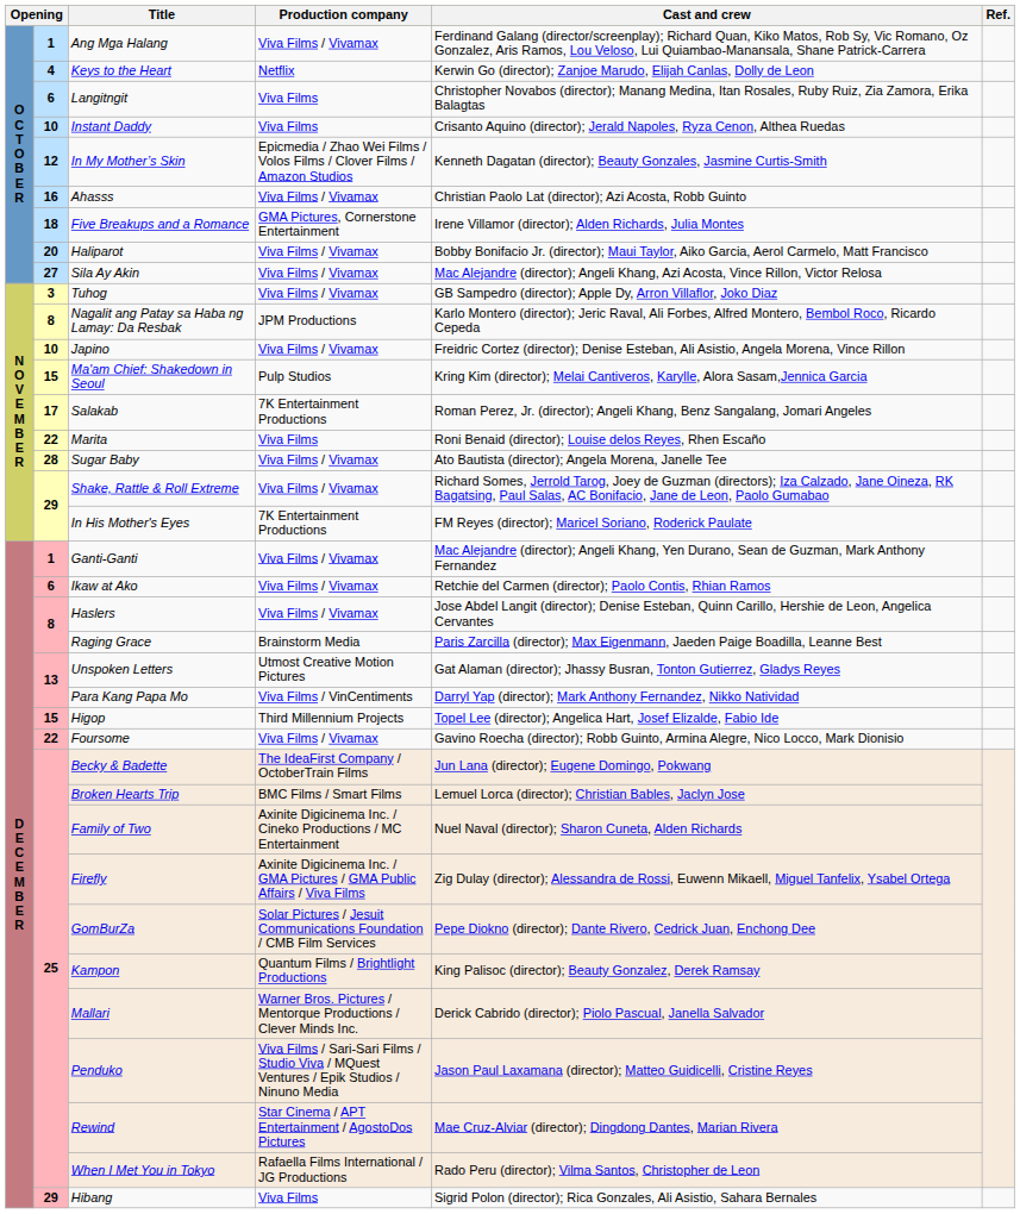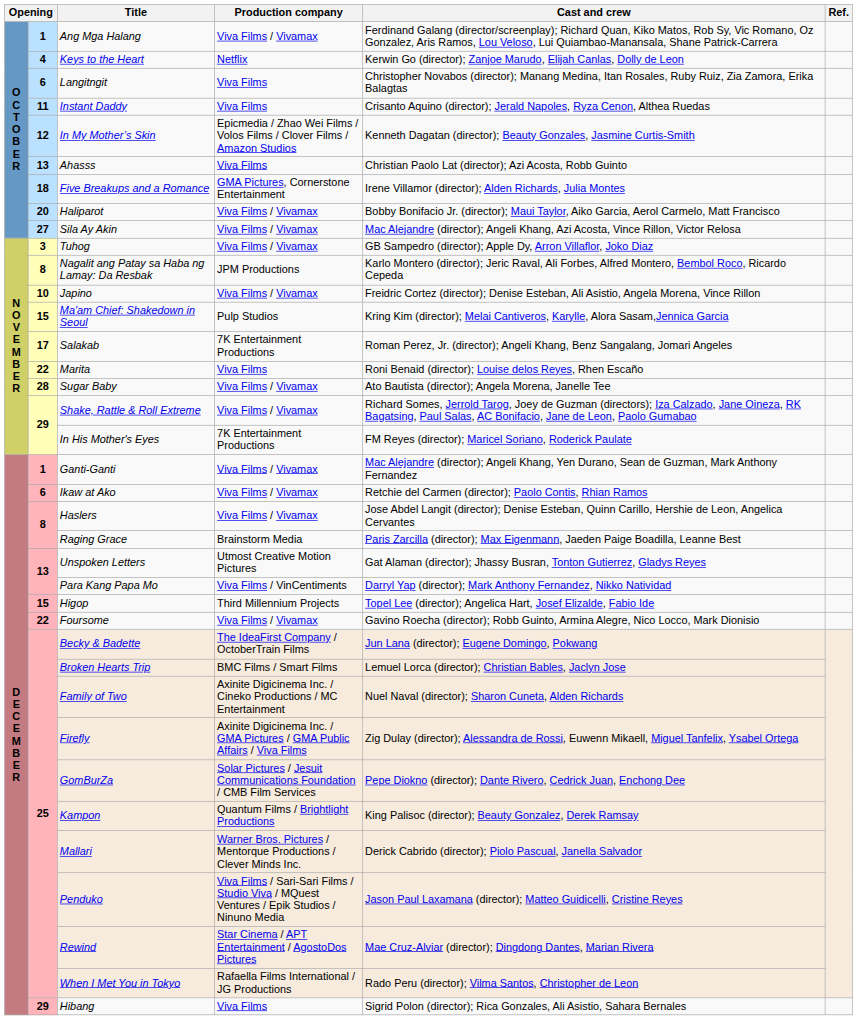 <table class="wikitable sortable">
 <tr style="background:#ffffba; text-align:center;">
 <th colspan="2" style="width:05%">Opening</th>
 <th style="width:17%">Title</th>
 <th style="width:16%">Production company</th>
 <th style="width:50%">Cast and crew</th>
 <th style="width:02%">Ref.</th>
 </tr>
 <tr>
 <th rowspan="9" style="text-align:center; background:#6698c6">O<br>C<br>T<br>O<br>B<br>E<br>R</th>
 <td style="text-align:center; background:#bae1ff"><strong>1</strong></td>
 <td><em>Ang Mga Halang</em></td>
 <td><a href='#'>Viva Films</a> / <a href='#'>Vivamax</a></td>
 <td>Ferdinand Galang (director/screenplay); Richard Quan, Kiko Matos, Rob Sy, Vic Romano, Oz Gonzalez, Aris Ramos, <a href='#'>Lou Veloso</a>, Lui Quiambao-Manansala, Shane Patrick-Carrera</td>
 <td></td>
 </tr>
 <tr>
 <td style="text-align:center; background:#bae1ff"><strong>4</strong></td>
 <td><em><a href='#'>Keys to the Heart</a></em></td>
 <td><a href='#'>Netflix</a></td>
 <td>Kerwin Go (director); <a href='#'>Zanjoe Marudo</a>, <a href='#'>Elijah Canlas</a>, <a href='#'>Dolly de Leon</a></td>
 <td></td>
 </tr>
 <tr>
 <td style="text-align:center; background:#bae1ff"><strong>6</strong></td>
 <td><em>Langitngit</em></td>
 <td><a href='#'>Viva Films</a></td>
 <td>Christopher Novabos (director); Manang Medina, Itan Rosales, Ruby Ruiz, Zia Zamora, Erika Balagtas</td>
 <td></td>
 </tr>
 <tr>
-<td style="text-align:center; background:#bae1ff"><strong>10</strong></td>
+<td style="text-align:center; background:#bae1ff"><strong>11</strong></td>
 <td><em><a href='#'>Instant Daddy</a></em></td>
 <td><a href='#'>Viva Films</a></td>
 <td>Crisanto Aquino (director); <a href='#'>Jerald Napoles</a>, <a href='#'>Ryza Cenon</a>, Althea Ruedas</td>
 <td></td>
 </tr>
 <tr>
 <td style="text-align:center; background:#bae1ff"><strong>12</strong></td>
 <td><em><a href='#'>In My Mother’s Skin</a></em></td>
 <td>Epicmedia / Zhao Wei Films / Volos Films / Clover Films / <a href='#'>Amazon Studios</a></td>
 <td>Kenneth Dagatan (director); <a href='#'>Beauty Gonzales</a>, <a href='#'>Jasmine Curtis-Smith</a></td>
 <td></td>
 </tr>
 <tr>
-<td style="text-align:center; background:#bae1ff"><strong>16</strong></td>
+<td style="text-align:center; background:#bae1ff"><strong>13</strong></td>
 <td><em>Ahasss</em></td>
-<td><a href='#'>Viva Films</a> / <a href='#'>Vivamax</a></td>
+<td><a href='#'>Viva Films</a></td>
 <td>Christian Paolo Lat (director); Azi Acosta, Robb Guinto</td>
 <td></td>
 </tr>
 <tr>
 <td style="text-align:center; background:#bae1ff"><strong>18</strong></td>
 <td><em><a href='#'>Five Breakups and a Romance</a></em></td>
 <td><a href='#'>GMA Pictures</a>, Cornerstone Entertainment</td>
 <td>Irene Villamor (director); <a href='#'>Alden Richards</a>, <a href='#'>Julia Montes</a></td>
 <td></td>
 </tr>
 <tr>
 <td style="text-align:center; background:#bae1ff"><strong>20</strong></td>
 <td><em>Haliparot</em></td>
 <td><a href='#'>Viva Films</a> / <a href='#'>Vivamax</a></td>
 <td>Bobby Bonifacio Jr. (director); <a href='#'>Maui Taylor</a>, Aiko Garcia, Aerol Carmelo, Matt Francisco</td>
 <td></td>
 </tr>
 <tr>
 <td style="text-align:center; background:#bae1ff"><strong>27</strong></td>
 <td><em>Sila Ay Akin</em></td>
 <td><a href='#'>Viva Films</a> / <a href='#'>Vivamax</a></td>
 <td><a href='#'>Mac Alejandre</a> (director); Angeli Khang, Azi Acosta, Vince Rillon, Victor Relosa</td>
 <td></td>
 </tr>
 <tr>
 <th rowspan="9" style="text-align:center; background:#d0d069 ">N<br>O<br>V<br>E<br>M<br>B<br>E<br>R</th>
 <td style="text-align:center; background:#ffffba"><strong>3</strong></td>
 <td><em>Tuhog</em></td>
 <td><a href='#'>Viva Films</a> / <a href='#'>Vivamax</a></td>
 <td>GB Sampedro (director); Apple Dy, <a href='#'>Arron Villaflor</a>, <a href='#'>Joko Diaz</a></td>
 <td></td>
 </tr>
 <tr>
 <td style="text-align:center; background:#ffffba"><strong>8</strong></td>
 <td><em>Nagalit ang Patay sa Haba ng Lamay: Da Resbak</em></td>
 <td>JPM Productions</td>
 <td>Karlo Montero (director); Jeric Raval, Ali Forbes, Alfred Montero, <a href='#'>Bembol Roco</a>, Ricardo Cepeda</td>
 <td></td>
 </tr>
 <tr>
 <td style="text-align:center; background:#ffffba"><strong>10</strong></td>
 <td><em>Japino</em></td>
 <td><a href='#'>Viva Films</a> / <a href='#'>Vivamax</a></td>
 <td>Freidric Cortez (director); Denise Esteban, Ali Asistio, Angela Morena, Vince Rillon</td>
 <td></td>
 </tr>
 <tr>
 <td style="text-align:center; background:#ffffba"><strong>15</strong></td>
 <td><em><a href='#'>Ma'am Chief: Shakedown in Seoul</a></em></td>
 <td>Pulp Studios</td>
 <td>Kring Kim (director); <a href='#'>Melai Cantiveros</a>, <a href='#'>Karylle</a>, Alora Sasam,<a href='#'>Jennica Garcia</a></td>
 <td></td>
 </tr>
 <tr>
 <td style="text-align:center; background:#ffffba"><strong>17</strong></td>
 <td><em>Salakab</em></td>
 <td>7K Entertainment Productions</td>
 <td>Roman Perez, Jr. (director); Angeli Khang, Benz Sangalang, Jomari Angeles</td>
 <td></td>
 </tr>
 <tr>
 <td style="text-align:center; background:#ffffba"><strong>22</strong></td>
 <td><em>Marita</em></td>
 <td><a href='#'>Viva Films</a></td>
 <td>Roni Benaid (director); <a href='#'>Louise delos Reyes</a>, Rhen Escaño</td>
 <td></td>
 </tr>
 <tr>
 <td style="text-align:center; background:#ffffba"><strong>28</strong></td>
 <td><em>Sugar Baby</em></td>
 <td><a href='#'>Viva Films</a> / <a href='#'>Vivamax</a></td>
 <td>Ato Bautista (director); Angela Morena, Janelle Tee</td>
 <td></td>
 </tr>
 <tr>
 <td rowspan="2" style="text-align:center; background:#ffffba"><strong>29</strong></td>
 <td><em><a href='#'>Shake, Rattle & Roll Extreme</a></em></td>
 <td><a href='#'>Viva Films</a> / <a href='#'>Vivamax</a></td>
 <td>Richard Somes, <a href='#'>Jerrold Tarog</a>, Joey de Guzman (directors); <a href='#'>Iza Calzado</a>, <a href='#'>Jane Oineza</a>, <a href='#'>RK Bagatsing</a>, <a href='#'>Paul Salas</a>, <a href='#'>AC Bonifacio</a>, <a href='#'>Jane de Leon</a>, <a href='#'>Paolo Gumabao</a></td>
 <td></td>
 </tr>
 <tr>
 <td><em>In His Mother's Eyes</em></td>
 <td>7K Entertainment Productions</td>
 <td>FM Reyes (director); <a href='#'>Maricel Soriano</a>, <a href='#'>Roderick Paulate</a></td>
 <td></td>
 </tr>
 <tr>
 <th rowspan="19" style="text-align:center; background:#c47a81">D<br>E<br>C<br>E<br>M<br>B<br>E<br>R</th>
 <td style="text-align:center; background:#ffb3ba"><strong>1</strong></td>
 <td><em>Ganti-Ganti</em></td>
 <td><a href='#'>Viva Films</a> / <a href='#'>Vivamax</a></td>
 <td><a href='#'>Mac Alejandre</a> (director); Angeli Khang, Yen Durano, Sean de Guzman, Mark Anthony Fernandez</td>
 <td></td>
 </tr>
 <tr>
 <td style="text-align:center; background:#ffb3ba"><strong>6</strong></td>
 <td><em>Ikaw at Ako</em></td>
 <td><a href='#'>Viva Films</a> / <a href='#'>Vivamax</a></td>
 <td>Retchie del Carmen (director); <a href='#'>Paolo Contis</a>, <a href='#'>Rhian Ramos</a></td>
 <td></td>
 </tr>
 <tr>
 <td rowspan="2" style="text-align:center; background:#ffb3ba"><strong>8</strong></td>
 <td><em>Haslers</em></td>
 <td><a href='#'>Viva Films</a> / <a href='#'>Vivamax</a></td>
 <td>Jose Abdel Langit (director); Denise Esteban, Quinn Carillo, Hershie de Leon, Angelica Cervantes</td>
 <td></td>
 </tr>
 <tr>
 <td><em>Raging Grace</em></td>
 <td>Brainstorm Media</td>
 <td><a href='#'>Paris Zarcilla</a> (director); <a href='#'>Max Eigenmann</a>, Jaeden Paige Boadilla, Leanne Best</td>
 <td></td>
 </tr>
 <tr>
 <td rowspan="2" style="text-align:center; background:#ffb3ba"><strong>13</strong></td>
 <td><em>Unspoken Letters</em></td>
 <td>Utmost Creative Motion Pictures</td>
 <td>Gat Alaman (director); Jhassy Busran, <a href='#'>Tonton Gutierrez</a>, <a href='#'>Gladys Reyes</a></td>
 <td></td>
 </tr>
 <tr>
 <td><em>Para Kang Papa Mo</em></td>
 <td><a href='#'>Viva Films</a> / VinCentiments</td>
 <td><a href='#'>Darryl Yap</a> (director); <a href='#'>Mark Anthony Fernandez</a>, <a href='#'>Nikko Natividad</a></td>
 <td></td>
 </tr>
 <tr>
 <td style="text-align:center; background:#ffb3ba"><strong>15</strong></td>
 <td><em>Higop</em></td>
 <td>Third Millennium Projects</td>
 <td><a href='#'>Topel Lee</a> (director); Angelica Hart, <a href='#'>Josef Elizalde</a>, <a href='#'>Fabio Ide</a></td>
 <td></td>
 </tr>
 <tr>
 <td style="text-align:center; background:#ffb3ba"><strong>22</strong></td>
 <td><em>Foursome</em></td>
 <td><a href='#'>Viva Films</a> / <a href='#'>Vivamax</a></td>
 <td>Gavino Roecha (director); Robb Guinto, Armina Alegre, Nico Locco, Mark Dionisio</td>
 <td></td>
 </tr>
 <tr>
 <td rowspan="10" style="text-align:center; background:#ffb3ba"><strong>25</strong></td>
 <td style="background:#f7ebdd"><em><a href='#'>Becky & Badette</a></em></td>
 <td style="background:#f7ebdd"><a href='#'>The IdeaFirst Company</a> / OctoberTrain Films</td>
 <td style="background:#f7ebdd"><a href='#'>Jun Lana</a> (director); <a href='#'>Eugene Domingo</a>, <a href='#'>Pokwang</a></td>
 <td rowspan="10" style="background:#f7ebdd"></td>
 </tr>
 <tr>
 <td style="background:#f7ebdd"><em><a href='#'>Broken Hearts Trip</a></em></td>
 <td style="background:#f7ebdd">BMC Films / Smart Films</td>
 <td style="background:#f7ebdd">Lemuel Lorca (director); <a href='#'>Christian Bables</a>, <a href='#'>Jaclyn Jose</a></td>
 </tr>
 <tr>
 <td style="background:#f7ebdd"><em><a href='#'>Family of Two</a></em></td>
 <td style="background:#f7ebdd">Axinite Digicinema Inc. / Cineko Productions / MC Entertainment</td>
 <td style="background:#f7ebdd">Nuel Naval (director); <a href='#'>Sharon Cuneta</a>, <a href='#'>Alden Richards</a></td>
 </tr>
 <tr>
 <td style="background:#f7ebdd"><em><a href='#'>Firefly</a></em></td>
 <td style="background:#f7ebdd">Axinite Digicinema Inc. / <a href='#'>GMA Pictures</a> / <a href='#'>GMA Public Affairs</a> / <a href='#'>Viva Films</a></td>
 <td style="background:#f7ebdd">Zig Dulay (director); <a href='#'>Alessandra de Rossi</a>, Euwenn Mikaell, <a href='#'>Miguel Tanfelix</a>, <a href='#'>Ysabel Ortega</a></td>
 </tr>
 <tr>
 <td style="background:#f7ebdd"><em><a href='#'>GomBurZa</a></em></td>
 <td style="background:#f7ebdd"><a href='#'>Solar Pictures</a> / <a href='#'>Jesuit Communications Foundation</a> / CMB Film Services</td>
 <td style="background:#f7ebdd"><a href='#'>Pepe Diokno</a> (director); <a href='#'>Dante Rivero</a>, <a href='#'>Cedrick Juan</a>, <a href='#'>Enchong Dee</a></td>
 </tr>
 <tr>
 <td style="background:#f7ebdd"><em><a href='#'>Kampon</a></em></td>
 <td style="background:#f7ebdd">Quantum Films / <a href='#'>Brightlight Productions</a></td>
 <td style="background:#f7ebdd">King Palisoc (director); <a href='#'>Beauty Gonzalez</a>, <a href='#'>Derek Ramsay</a></td>
 </tr>
 <tr>
 <td style="background:#f7ebdd"><em><a href='#'>Mallari</a></em></td>
 <td style="background:#f7ebdd"><a href='#'>Warner Bros. Pictures</a> / Mentorque Productions / Clever Minds Inc.</td>
 <td style="background:#f7ebdd">Derick Cabrido (director); <a href='#'>Piolo Pascual</a>, <a href='#'>Janella Salvador</a></td>
 </tr>
 <tr>
 <td style="background:#f7ebdd"><em><a href='#'>Penduko</a></em></td>
 <td style="background:#f7ebdd"><a href='#'>Viva Films</a> / Sari-Sari Films / <a href='#'>Studio Viva</a> / MQuest Ventures / Epik Studios / Ninuno Media</td>
 <td style="background:#f7ebdd"><a href='#'>Jason Paul Laxamana</a> (director); <a href='#'>Matteo Guidicelli</a>, <a href='#'>Cristine Reyes</a></td>
 </tr>
 <tr>
 <td style="background:#f7ebdd"><em><a href='#'>Rewind</a></em></td>
 <td style="background:#f7ebdd"><a href='#'>Star Cinema</a> / <a href='#'>APT Entertainment</a> / <a href='#'>AgostoDos Pictures</a></td>
 <td style="background:#f7ebdd"><a href='#'>Mae Cruz-Alviar</a> (director); <a href='#'>Dingdong Dantes</a>, <a href='#'>Marian Rivera</a></td>
 </tr>
 <tr>
 <td style="background:#f7ebdd"><em><a href='#'>When I Met You in Tokyo</a></em></td>
 <td style="background:#f7ebdd">Rafaella Films International / JG Productions</td>
 <td style="background:#f7ebdd">Rado Peru (director); <a href='#'>Vilma Santos</a>, <a href='#'>Christopher de Leon</a></td>
 </tr>
 <tr>
 <td style="text-align:center; background:#ffb3ba"><strong>29</strong></td>
 <td><em>Hibang</em></td>
 <td><a href='#'>Viva Films</a></td>
 <td>Sigrid Polon (director); Rica Gonzales, Ali Asistio, Sahara Bernales</td>
 <td></td>
 </tr>
 </table>
